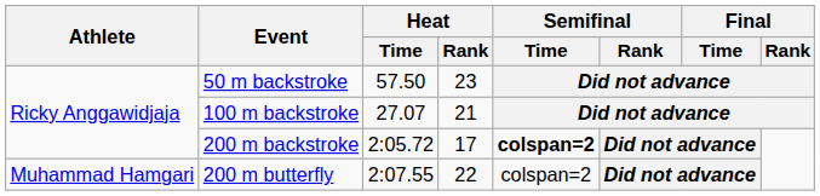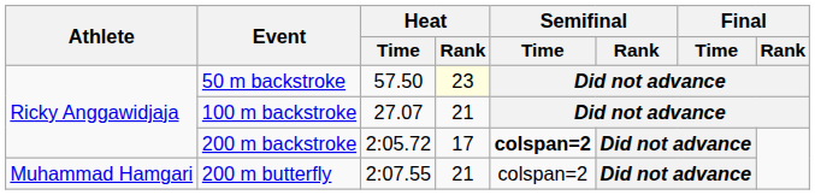 <table class=wikitable style="font-size:90%">
 <tr>
 <th rowspan=2>Athlete</th>
 <th rowspan=2>Event</th>
 <th colspan="2">Heat</th>
 <th colspan="2">Semifinal</th>
 <th colspan="2">Final</th>
 </tr>
 <tr style="font-size:95%">
 <th>Time</th>
 <th>Rank</th>
 <th>Time</th>
 <th>Rank</th>
 <th>Time</th>
 <th>Rank</th>
 </tr>
 <tr align=center>
 <td align=left rowspan=3><a href='#'>Ricky Anggawidjaja</a></td>
 <td align=left><a href='#'>50 m backstroke</a></td>
 <td>57.50</td>
-<td>23</td>
+<td style="background: lightyellow;">23</td>
 <th colspan="4"><em>Did not advance</em></th>
 </tr>
 <tr align=center>
 <td align=left><a href='#'>100 m backstroke</a></td>
 <td>27.07</td>
 <td>21</td>
 <th colspan="4"><em>Did not advance</em></th>
 </tr>
 <tr align=center>
 <td align=left><a href='#'>200 m backstroke</a></td>
 <td>2:05.72</td>
 <td>17</td>
 <td><strong>colspan=2 </strong></td>
 <th colspan="2"><em>Did not advance</em></th>
 </tr>
 <tr align=center>
 <td align=left><a href='#'>Muhammad Hamgari</a></td>
 <td align=left><a href='#'>200 m butterfly</a></td>
 <td>2:07.55</td>
-<td>22</td>
+<td>21</td>
 <td>colspan=2 </td>
 <th colspan="2"><em>Did not advance</em></th>
 </tr>
 </table>
